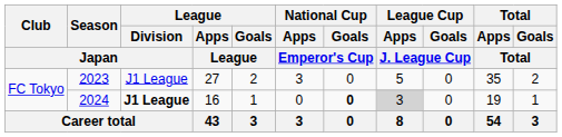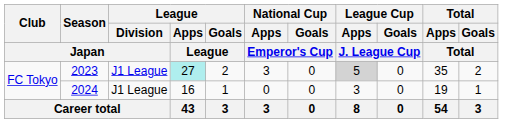 <table class="wikitable" style="text-align:center">
 <tr>
 <th rowspan=2>Club</th>
 <th rowspan=2>Season</th>
 <th colspan=3>League</th>
 <th colspan=2>National Cup</th>
 <th colspan=2>League Cup</th>
 <th colspan=2>Total</th>
 </tr>
 <tr>
 <th>Division</th>
 <th>Apps</th>
 <th>Goals</th>
 <th>Apps</th>
 <th>Goals</th>
 <th>Apps</th>
 <th>Goals</th>
 <th>Apps</th>
 <th>Goals</th>
 </tr>
 <tr>
 <th colspan=3>Japan</th>
 <th colspan=2>League</th>
 <th colspan=2><a href='#'>Emperor's Cup</a></th>
 <th colspan=2><a href='#'>J. League Cup</a></th>
 <th colspan=2>Total</th>
 </tr>
 <tr>
 <td rowspan="2"><a href='#'>FC Tokyo</a></td>
 <td><a href='#'>2023</a></td>
 <td><a href='#'>J1 League</a></td>
-<td>27</td>
+<td style="background: paleturquoise;">27</td>
 <td>2</td>
 <td>3</td>
 <td>0</td>
-<td>5</td>
+<td style="background: lightgrey;">5</td>
 <td>0</td>
 <td>35</td>
 <td>2</td>
 </tr>
 <tr>
 <td><a href='#'>2024</a></td>
-<td><strong>J1 League</strong></td>
+<td>J1 League</td>
 <td>16</td>
 <td>1</td>
 <td>0</td>
-<td><strong>0</strong></td>
-<td style="background: lightgrey;">3</td>
+<td>0</td>
+<td>3</td>
 <td>0</td>
 <td>19</td>
 <td>1</td>
 </tr>
 <tr>
 <th colspan=3>Career total</th>
 <th>43</th>
 <th>3</th>
 <th>3</th>
 <th>0</th>
 <th>8</th>
 <th>0</th>
 <th>54</th>
 <th>3</th>
 </tr>
 </table>
